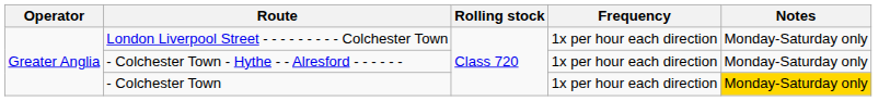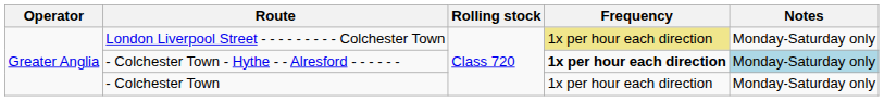 <table class="wikitable vatop">
 <tr>
 <th>Operator</th>
 <th>Route</th>
 <th>Rolling stock</th>
 <th>Frequency</th>
 <th>Notes</th>
 </tr>
 <tr>
 <td rowspan="3"><a href='#'>Greater Anglia</a></td>
 <td><a href='#'>London Liverpool Street</a> -  -  -  -  -  -  -  -  - Colchester Town</td>
 <td rowspan="3"><a href='#'>Class 720</a></td>
-<td>1x per hour each direction</td>
+<td style="background: khaki;">1x per hour each direction</td>
 <td>Monday-Saturday only</td>
 </tr>
 <tr>
 <td> - Colchester Town - <a href='#'>Hythe</a> -  - <a href='#'>Alresford</a> -  -  -  -  -  - </td>
-<td>1x per hour each direction</td>
-<td>Monday-Saturday only</td>
+<td><strong>1x per hour each direction</strong></td>
+<td style="background: lightblue;">Monday-Saturday only</td>
 </tr>
 <tr>
 <td> - Colchester Town</td>
 <td>1x per hour each direction</td>
-<td style="background: gold;">Monday-Saturday only</td>
+<td>Monday-Saturday only</td>
 </tr>
 </table>
